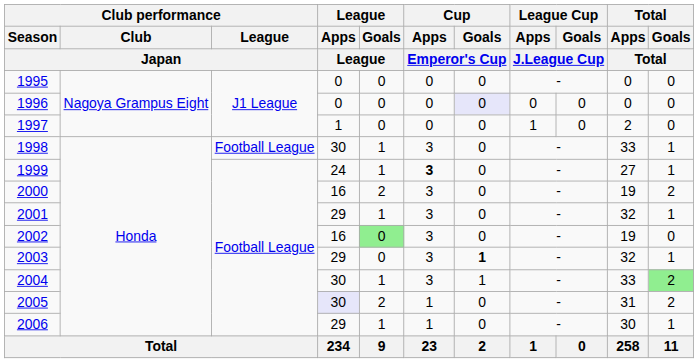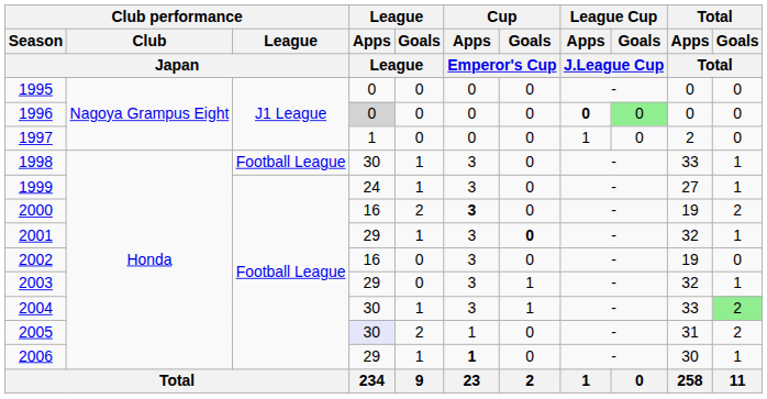 <table class="wikitable" style="text-align:center;">
 <tr>
 <th colspan=3>Club performance</th>
 <th colspan=2>League</th>
 <th colspan=2>Cup</th>
 <th colspan=2>League Cup</th>
 <th colspan=2>Total</th>
 </tr>
 <tr>
 <th>Season</th>
 <th>Club</th>
 <th>League</th>
 <th>Apps</th>
 <th>Goals</th>
 <th>Apps</th>
 <th>Goals</th>
 <th>Apps</th>
 <th>Goals</th>
 <th>Apps</th>
 <th>Goals</th>
 </tr>
 <tr>
 <th colspan=3>Japan</th>
 <th colspan=2>League</th>
 <th colspan=2><a href='#'>Emperor's Cup</a></th>
 <th colspan=2><a href='#'>J.League Cup</a></th>
 <th colspan=2>Total</th>
 </tr>
 <tr>
 <td><a href='#'>1995</a></td>
 <td rowspan="3"><a href='#'>Nagoya Grampus Eight</a></td>
 <td rowspan="3"><a href='#'>J1 League</a></td>
 <td>0</td>
 <td>0</td>
 <td>0</td>
 <td>0</td>
 <td colspan="2">-</td>
 <td>0</td>
 <td>0</td>
 </tr>
 <tr>
 <td><a href='#'>1996</a></td>
+<td style="background: lightgrey;">0</td>
 <td>0</td>
 <td>0</td>
 <td>0</td>
-<td style="background: lavender;">0</td>
-<td>0</td>
-<td>0</td>
+<td><strong>0</strong></td>
+<td style="background: lightgreen;">0</td>
 <td>0</td>
 <td>0</td>
 </tr>
 <tr>
 <td><a href='#'>1997</a></td>
 <td>1</td>
 <td>0</td>
 <td>0</td>
 <td>0</td>
 <td>1</td>
 <td>0</td>
 <td>2</td>
 <td>0</td>
 </tr>
 <tr>
 <td><a href='#'>1998</a></td>
 <td rowspan="9"><a href='#'>Honda</a></td>
 <td><a href='#'>Football League</a></td>
 <td>30</td>
 <td>1</td>
 <td>3</td>
 <td>0</td>
 <td colspan="2">-</td>
 <td>33</td>
 <td>1</td>
 </tr>
 <tr>
 <td><a href='#'>1999</a></td>
 <td rowspan="8"><a href='#'>Football League</a></td>
 <td>24</td>
 <td>1</td>
-<td><strong>3</strong></td>
+<td>3</td>
 <td>0</td>
 <td colspan="2">-</td>
 <td>27</td>
 <td>1</td>
 </tr>
 <tr>
 <td><a href='#'>2000</a></td>
 <td>16</td>
 <td>2</td>
-<td>3</td>
+<td><strong>3</strong></td>
 <td>0</td>
 <td colspan="2">-</td>
 <td>19</td>
 <td>2</td>
 </tr>
 <tr>
 <td><a href='#'>2001</a></td>
 <td>29</td>
 <td>1</td>
 <td>3</td>
-<td>0</td>
+<td><strong>0</strong></td>
 <td colspan="2">-</td>
 <td>32</td>
 <td>1</td>
 </tr>
 <tr>
 <td><a href='#'>2002</a></td>
 <td>16</td>
-<td style="background: lightgreen;">0</td>
+<td>0</td>
 <td>3</td>
 <td>0</td>
 <td colspan="2">-</td>
 <td>19</td>
 <td>0</td>
 </tr>
 <tr>
 <td><a href='#'>2003</a></td>
 <td>29</td>
 <td>0</td>
 <td>3</td>
-<td><strong>1</strong></td>
+<td>1</td>
 <td colspan="2">-</td>
 <td>32</td>
 <td>1</td>
 </tr>
 <tr>
 <td><a href='#'>2004</a></td>
 <td>30</td>
 <td>1</td>
 <td>3</td>
 <td>1</td>
 <td colspan="2">-</td>
 <td>33</td>
 <td style="background: lightgreen;">2</td>
 </tr>
 <tr>
 <td><a href='#'>2005</a></td>
 <td style="background: lavender;">30</td>
 <td>2</td>
 <td>1</td>
 <td>0</td>
 <td colspan="2">-</td>
 <td>31</td>
 <td>2</td>
 </tr>
 <tr>
 <td><a href='#'>2006</a></td>
 <td>29</td>
 <td>1</td>
-<td>1</td>
+<td><strong>1</strong></td>
 <td>0</td>
 <td colspan="2">-</td>
 <td>30</td>
 <td>1</td>
 </tr>
 <tr>
 <th colspan=3>Total</th>
 <th>234</th>
 <th>9</th>
 <th>23</th>
 <th>2</th>
 <th>1</th>
 <th>0</th>
 <th>258</th>
 <th>11</th>
 </tr>
 </table>
